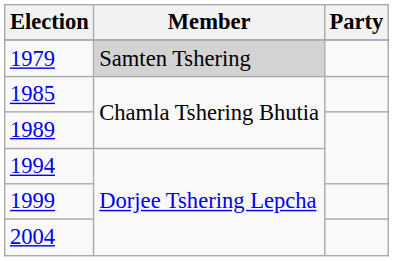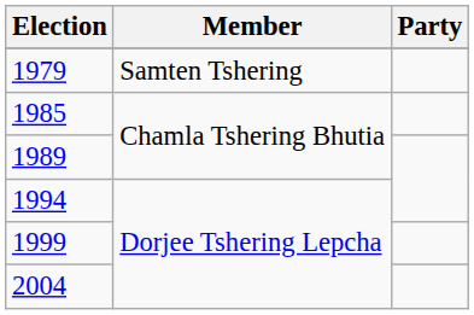 <table class="wikitable sortable">
 <tr>
 <th>Election</th>
 <th>Member</th>
 <th colspan=2>Party</th>
 </tr>
 <tr>
 </tr>
 <tr>
 <td><a href='#'>1979</a></td>
-<td style="background: lightgrey;">Samten Tshering</td>
+<td>Samten Tshering</td>
 <td></td>
 </tr>
 <tr>
 <td><a href='#'>1985</a></td>
 <td rowspan=2>Chamla Tshering  Bhutia</td>
 <td></td>
 </tr>
 <tr>
 <td><a href='#'>1989</a></td>
 </tr>
 <tr>
 <td><a href='#'>1994</a></td>
 <td rowspan=3><a href='#'>Dorjee Tshering Lepcha</a></td>
 </tr>
 <tr>
 <td><a href='#'>1999</a></td>
 <td></td>
 </tr>
 <tr>
 <td><a href='#'>2004</a></td>
 </tr>
 </table>
